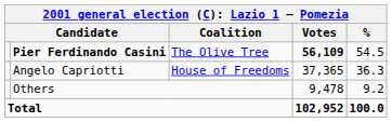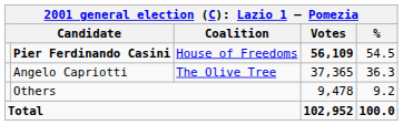 <table class=wikitable style=text-align:right>
 <tr>
 <th colspan=5><a href='#'>2001 general election</a> (<a href='#'>C</a>): <a href='#'>Lazio 1</a> — <a href='#'>Pomezia</a></th>
 </tr>
 <tr>
 <th colspan=2>Candidate</th>
 <th>Coalition</th>
 <th>Votes</th>
 <th>%</th>
 </tr>
 <tr>
 <td></td>
 <td align=left><strong>Pier Ferdinando Casini</strong></td>
-<td align=left><a href='#'>The Olive Tree</a></td>
+<td align=left><a href='#'>House of Freedoms</a></td>
 <td><strong>56,109</strong></td>
 <td>54.5</td>
 </tr>
 <tr>
 <td></td>
 <td align=left>Angelo Capriotti</td>
-<td align=left><a href='#'>House of Freedoms</a></td>
+<td align=left><a href='#'>The Olive Tree</a></td>
 <td>37,365</td>
 <td>36.3</td>
 </tr>
 <tr>
 <td></td>
 <td align=left colspan=2>Others</td>
 <td>9,478</td>
 <td>9.2</td>
 </tr>
 <tr>
 <td align=left colspan=3><strong>Total</strong></td>
 <td><strong>102,952</strong></td>
 <td><strong>100.0</strong></td>
 </tr>
 </table>
